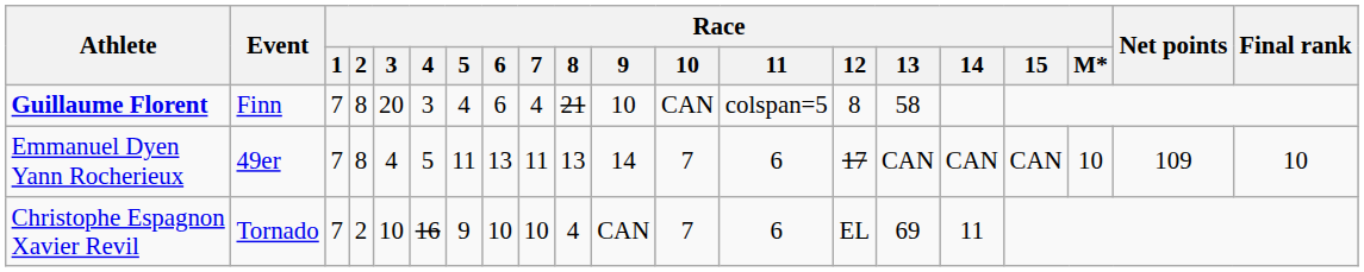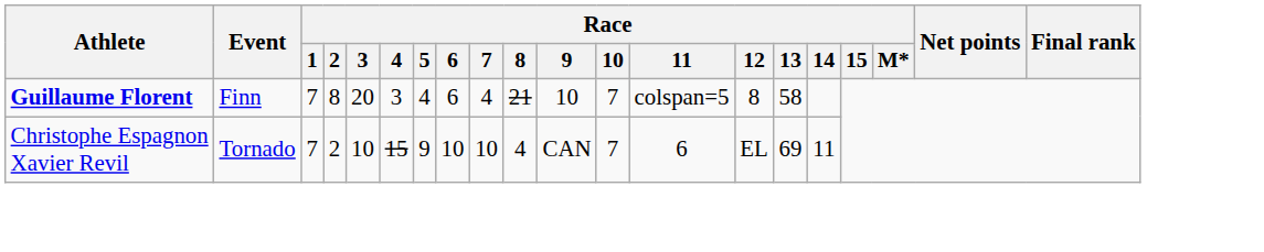 <table class="wikitable" style="font-size:90%">
 <tr>
 <th rowspan="2">Athlete</th>
 <th rowspan="2">Event</th>
 <th colspan=16>Race</th>
 <th rowspan=2>Net points</th>
 <th rowspan=2>Final rank</th>
 </tr>
 <tr style="font-size:95%">
 <th>1</th>
 <th>2</th>
 <th>3</th>
 <th>4</th>
 <th>5</th>
 <th>6</th>
 <th>7</th>
 <th>8</th>
 <th>9</th>
 <th>10</th>
 <th>11</th>
 <th>12</th>
 <th>13</th>
 <th>14</th>
 <th>15</th>
 <th>M*</th>
 </tr>
 <tr align=center>
 <td align=left><strong><a href='#'>Guillaume Florent</a></strong></td>
 <td align=left><a href='#'>Finn</a></td>
 <td>7</td>
 <td>8</td>
 <td>20</td>
 <td>3</td>
 <td>4</td>
 <td>6</td>
 <td>4</td>
 <td><s>21</s></td>
 <td>10</td>
-<td>CAN</td>
+<td>7</td>
 <td>colspan=5 </td>
 <td>8</td>
 <td>58</td>
 <td></td>
-</tr>
-<tr align=center>
-<td align=left><a href='#'>Emmanuel Dyen</a><br><a href='#'>Yann Rocherieux</a></td>
-<td align=left><a href='#'>49er</a></td>
-<td>7</td>
-<td>8</td>
-<td>4</td>
-<td>5</td>
-<td>11</td>
-<td>13</td>
-<td>11</td>
-<td>13</td>
-<td>14</td>
-<td>7</td>
-<td>6</td>
-<td><s>17</s></td>
-<td>CAN</td>
-<td>CAN</td>
-<td>CAN</td>
-<td>10</td>
-<td>109</td>
-<td>10</td>
 </tr>
 <tr align=center>
 <td align=left><a href='#'>Christophe Espagnon</a><br><a href='#'>Xavier Revil</a></td>
 <td align=left><a href='#'>Tornado</a></td>
 <td>7</td>
 <td>2</td>
 <td>10</td>
-<td><s>16</s></td>
+<td><s>15</s></td>
 <td>9</td>
 <td>10</td>
 <td>10</td>
 <td>4</td>
 <td>CAN</td>
 <td>7</td>
 <td>6</td>
 <td>EL</td>
 <td>69</td>
 <td>11</td>
 </tr>
 </table>
